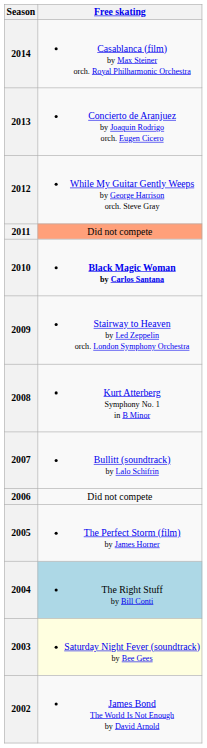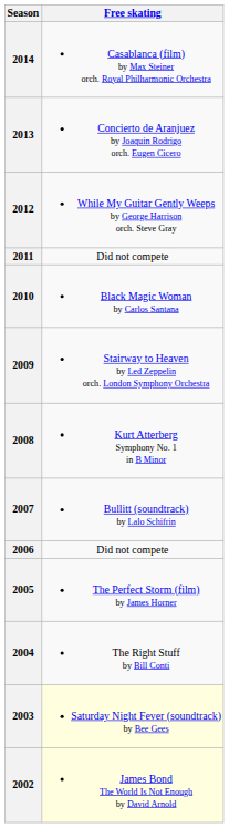 <table class="wikitable" style="text-align:center">
 <tr>
 <th>Season</th>
 <th><a href='#'>Free skating</a></th>
 </tr>
 <tr>
 <th>2014</th>
 <td><br><ul><li><a href='#'>Casablanca (film)</a> <br><small> by <a href='#'>Max Steiner</a> <br> orch. <a href='#'>Royal Philharmonic Orchestra</a></small></li></ul></td>
 </tr>
 <tr>
 <th>2013</th>
 <td><br><ul><li><a href='#'>Concierto de Aranjuez</a> <br><small> by <a href='#'>Joaquin Rodrigo</a> <br> orch. <a href='#'>Eugen Cicero</a></small></li></ul></td>
 </tr>
 <tr>
 <th>2012 <br></th>
 <td><br><ul><li><a href='#'>While My Guitar Gently Weeps</a> <br><small> by <a href='#'>George Harrison</a> <br> orch. Steve Gray </small></li></ul></td>
 </tr>
 <tr>
 <th>2011</th>
-<td style="background: lightsalmon;">Did not compete</td>
+<td>Did not compete</td>
 </tr>
 <tr>
 <th>2010 <br></th>
-<td><strong><br><ul><li><a href='#'>Black Magic Woman</a> <br><small> by <a href='#'>Carlos Santana</a></small></li></ul></strong></td>
+<td><br><ul><li><a href='#'>Black Magic Woman</a> <br><small> by <a href='#'>Carlos Santana</a></small></li></ul></td>
 </tr>
 <tr>
 <th>2009 <br></th>
 <td><br><ul><li><a href='#'>Stairway to Heaven</a> <br><small> by <a href='#'>Led Zeppelin</a> <br> orch. <a href='#'>London Symphony Orchestra</a></small></li></ul></td>
 </tr>
 <tr>
 <th>2008 <br></th>
 <td><br><ul><li><a href='#'>Kurt Atterberg</a> <br><small>  Symphony No. 1 <br> in <a href='#'>B Minor</a></small></li></ul></td>
 </tr>
 <tr>
 <th>2007</th>
 <td><br><ul><li><a href='#'>Bullitt (soundtrack)</a> <br><small> by <a href='#'>Lalo Schifrin</a></small></li></ul></td>
 </tr>
 <tr>
 <th>2006</th>
 <td>Did not compete</td>
 </tr>
 <tr>
 <th>2005</th>
 <td><br><ul><li><a href='#'>The Perfect Storm (film)</a> <br><small> by <a href='#'>James Horner</a></small></li></ul></td>
 </tr>
 <tr>
 <th>2004 <br></th>
-<td style="background: lightblue;"><br><ul><li>The Right Stuff <br><small> by <a href='#'>Bill Conti</a></small></li></ul></td>
+<td><br><ul><li>The Right Stuff <br><small> by <a href='#'>Bill Conti</a></small></li></ul></td>
 </tr>
 <tr>
 <th>2003 <br></th>
 <td style="background: lightyellow;"><br><ul><li><a href='#'>Saturday Night Fever (soundtrack)</a> <br><small> by <a href='#'>Bee Gees</a></small></li></ul></td>
 </tr>
 <tr>
 <th>2002 <br></th>
-<td><br><ul><li><a href='#'>James Bond</a> <br><small> <a href='#'>The World Is Not Enough</a> <br> by <a href='#'>David Arnold</a> </small></li></ul></td>
+<td style="background: lightyellow;"><br><ul><li><a href='#'>James Bond</a> <br><small> <a href='#'>The World Is Not Enough</a> <br> by <a href='#'>David Arnold</a> </small></li></ul></td>
 </tr>
 </table>
